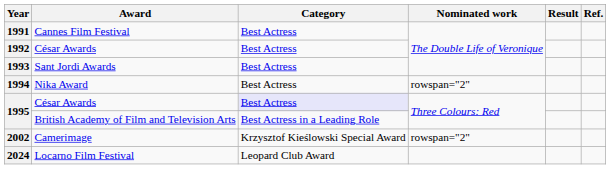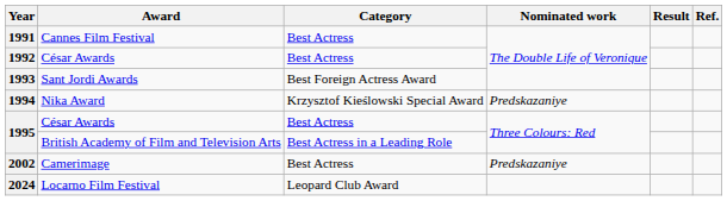 <table class="wikitable sortable plainrowheaders">
 <tr>
 <th scope="col">Year</th>
 <th scope="col">Award</th>
 <th scope="col">Category</th>
 <th scope="col">Nominated work</th>
 <th scope="col">Result</th>
 <th scope="col" class="unsortable">Ref.</th>
 </tr>
 <tr>
 <th scope="row">1991</th>
 <td><a href='#'>Cannes Film Festival</a></td>
 <td><a href='#'>Best Actress</a></td>
 <td rowspan="3"><em><a href='#'>The Double Life of Veronique</a></em></td>
 <td></td>
 <td align="center"></td>
 </tr>
 <tr>
 <th scope="row">1992</th>
 <td><a href='#'>César Awards</a></td>
 <td><a href='#'>Best Actress</a></td>
 <td></td>
 <td align="center"></td>
 </tr>
 <tr>
 <th scope="row">1993</th>
 <td><a href='#'>Sant Jordi Awards</a></td>
-<td><a href='#'>Best Actress</a></td>
+<td>Best Foreign Actress Award</td>
 <td></td>
 <td></td>
 </tr>
 <tr>
 <th scope="row">1994</th>
 <td><a href='#'>Nika Award</a></td>
-<td>Best Actress</td>
-<td>rowspan="2" </td>
+<td>Krzysztof Kieślowski Special Award</td>
+<td><em>Predskazaniye</em></td>
 <td></td>
 <td></td>
 </tr>
 <tr>
 <th scope="row" rowspan="2">1995</th>
 <td><a href='#'>César Awards</a></td>
-<td style="background: lavender;"><a href='#'>Best Actress</a></td>
+<td><a href='#'>Best Actress</a></td>
 <td rowspan="2"><em><a href='#'>Three Colours: Red</a></em></td>
 <td></td>
 <td align="center"></td>
 </tr>
 <tr>
 <td><a href='#'>British Academy of Film and Television Arts</a></td>
 <td><a href='#'>Best Actress in a Leading Role</a></td>
 <td></td>
 <td align="center"></td>
 </tr>
 <tr>
 <th scope="row">2002</th>
 <td><a href='#'>Camerimage</a></td>
-<td>Krzysztof Kieślowski Special Award</td>
-<td>rowspan="2" </td>
+<td>Best Actress</td>
+<td><em>Predskazaniye</em></td>
 <td></td>
 <td align="center"></td>
 </tr>
 <tr>
 <th scope="row">2024</th>
 <td><a href='#'>Locarno Film Festival</a></td>
 <td>Leopard Club Award</td>
 <td></td>
 <td align="center"></td>
 </tr>
 </table>
